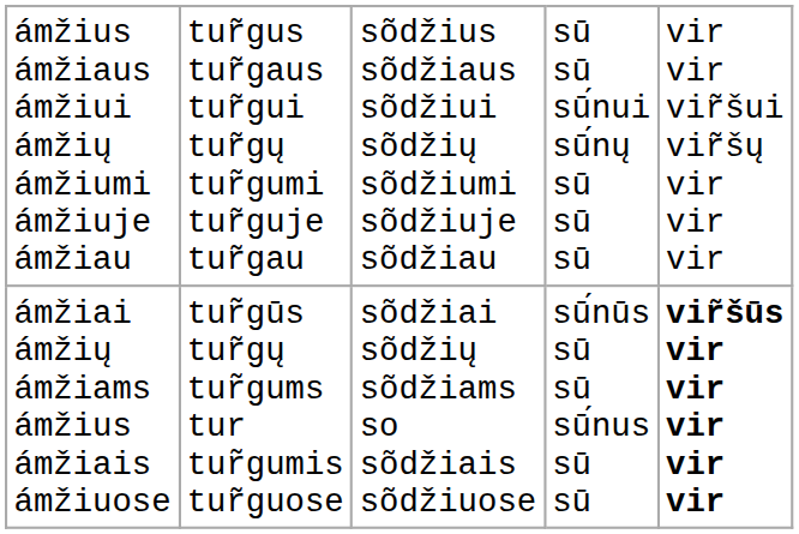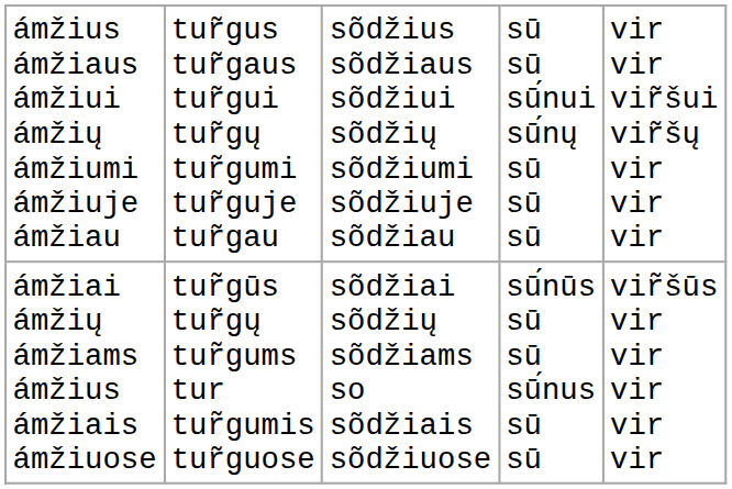 <table class=wikitable style="font-family: monospace; background:#FFFFFF">
 <tr>
 <td>ámžius<br>ámžiaus<br>ámžiui<br>ámžių<br>ámžiumi<br>ámžiuje<br>ámžiau</td>
 <td>tur̃gus<br>tur̃gaus<br>tur̃gui<br>tur̃gų<br>tur̃gumi<br>tur̃guje<br>tur̃gau</td>
 <td>sõdžius<br>sõdžiaus<br>sõdžiui<br>sõdžių<br>sõdžiumi<br>sõdžiuje<br>sõdžiau</td>
 <td>sū<br>sū<br>sū́nui<br>sū́nų<br>sū<br>sū<br>sū</td>
 <td>vir<br>vir<br>vir̃šui<br>vir̃šų<br>vir<br>vir<br>vir</td>
 </tr>
 <tr>
 <td>ámžiai<br>ámžių<br>ámžiams<br>ámžius<br>ámžiais<br>ámžiuose</td>
 <td>tur̃gūs<br>tur̃gų<br>tur̃gums<br>tur<br>tur̃gumis<br>tur̃guose</td>
 <td>sõdžiai<br>sõdžių<br>sõdžiams<br>so<br>sõdžiais<br>sõdžiuose</td>
 <td>sū́nūs<br>sū<br>sū<br>sū́nus<br>sū<br>sū</td>
-<td><strong>vir̃šūs<br>vir<br>vir<br>vir<br>vir<br>vir</strong></td>
+<td>vir̃šūs<br>vir<br>vir<br>vir<br>vir<br>vir</td>
 </tr>
 </table>
